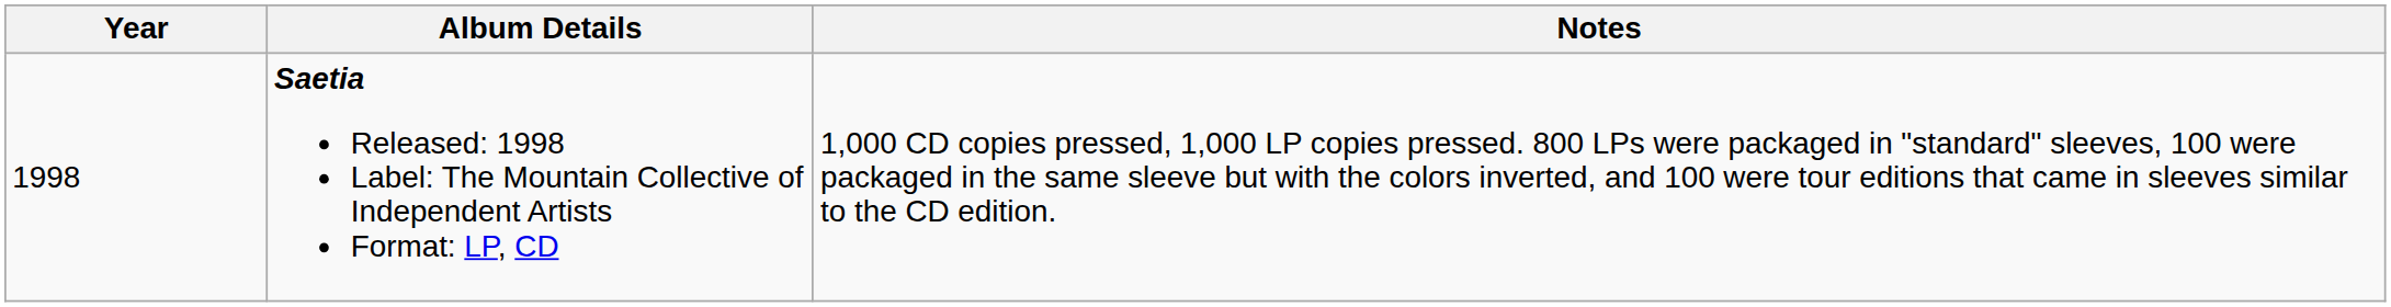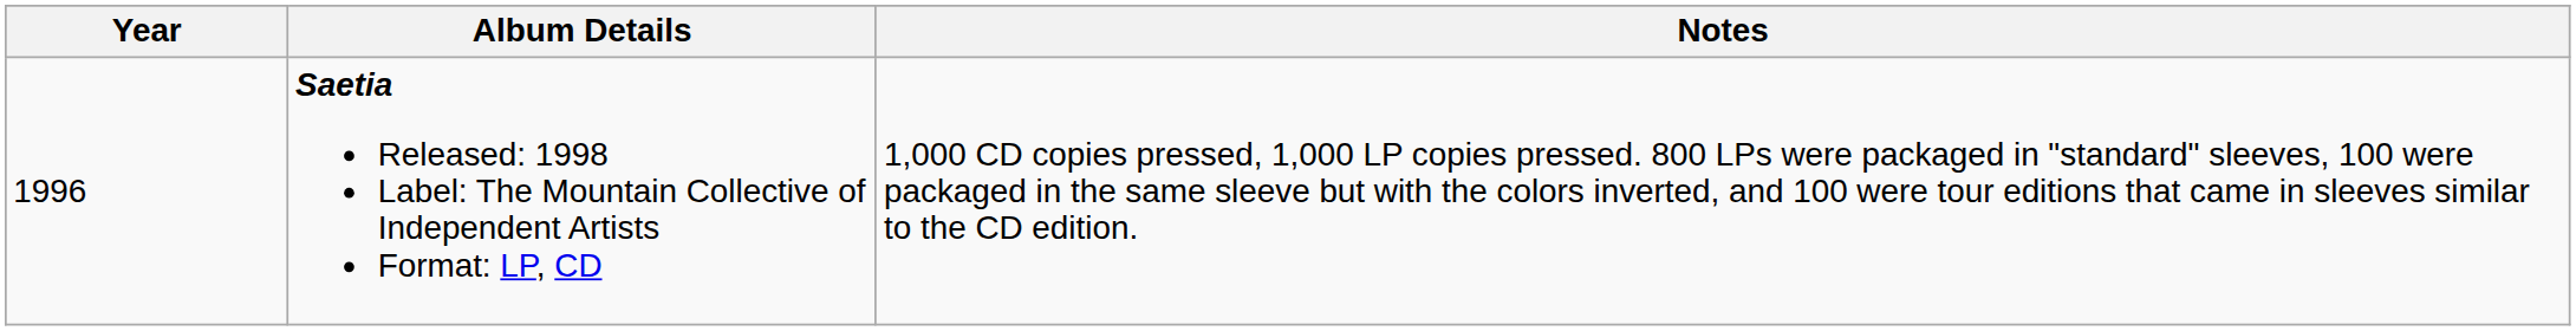 <table class ="wikitable">
 <tr>
 <th style="width: 5%">Year</th>
 <th style="width:10%">Album Details</th>
 <th style="width:30%">Notes</th>
 </tr>
 <tr>
-<td>1998</td>
+<td>1996</td>
 <td><strong><em>Saetia</em></strong><br><ul><li>Released: 1998</li><li>Label: The Mountain Collective of Independent Artists</li><li>Format: <a href='#'>LP</a>, <a href='#'>CD</a></li></ul></td>
 <td>1,000 CD copies pressed, 1,000 LP copies pressed. 800 LPs were packaged in "standard" sleeves, 100 were packaged in the same sleeve but with the colors inverted, and 100 were tour editions that came in sleeves similar to the CD edition.</td>
 </tr>
 </table>
